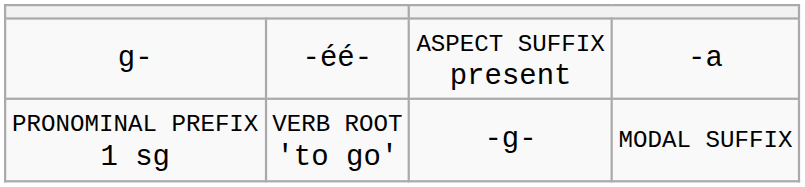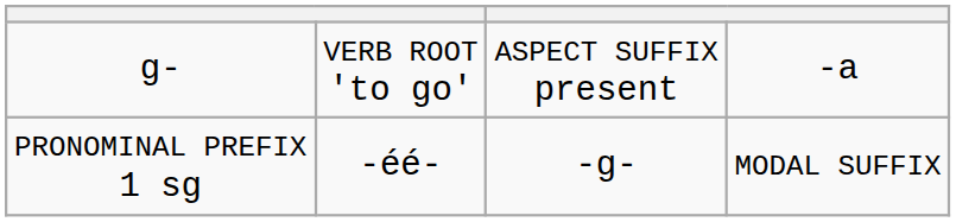 <table class="wikitable" style="text-align:center;">
 <tr>
 <th colspan="2"></th>
 <th colspan="2"></th>
 </tr>
 <tr>
 <td>g-</td>
-<td>-éé-</td>
+<td><small>VERB ROOT</small> <br>'to go'</td>
 <td><small>ASPECT SUFFIX</small><br>present</td>
 <td>-a</td>
 </tr>
 <tr>
 <td><small>PRONOMINAL PREFIX</small><br> 1 sg</td>
-<td><small>VERB ROOT</small> <br>'to go'</td>
+<td>-éé-</td>
 <td>-g-</td>
 <td><small>MODAL SUFFIX</small></td>
 </tr>
 </table>
